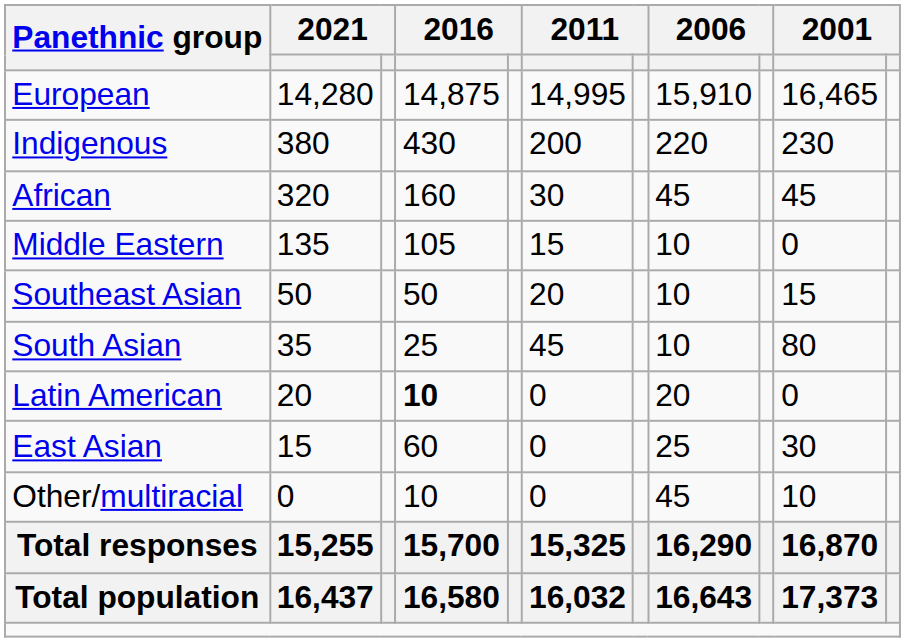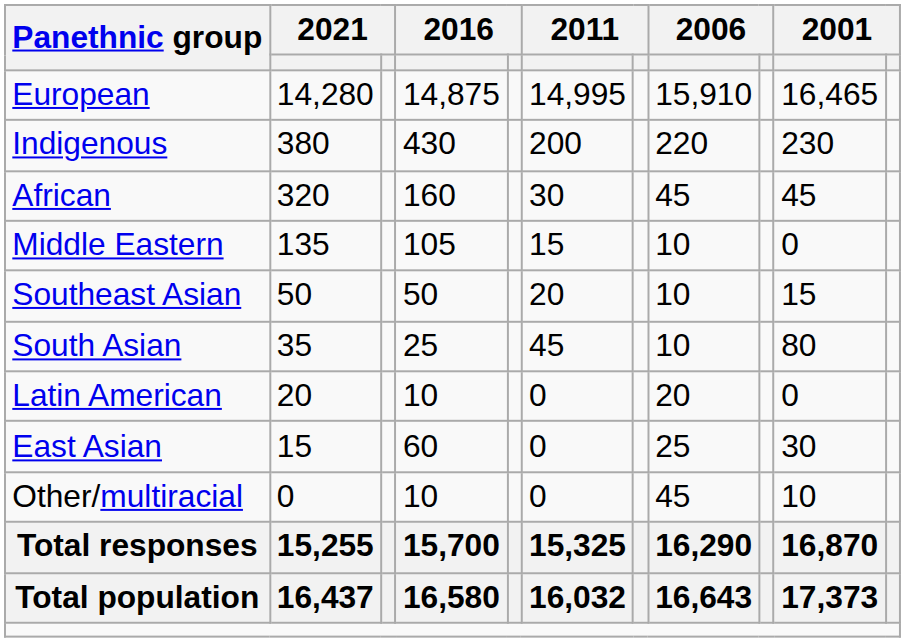 <table class="wikitable collapsible sortable">
 <tr>
 <th rowspan="2"><a href='#'>Panethnic</a> group</th>
 <th colspan="2">2021</th>
 <th colspan="2">2016</th>
 <th colspan="2">2011</th>
 <th colspan="2">2006</th>
 <th colspan="2">2001</th>
 </tr>
 <tr>
 <th><a href='#'></a></th>
 <th></th>
 <th></th>
 <th></th>
 <th></th>
 <th></th>
 <th></th>
 <th></th>
 <th></th>
 <th></th>
 </tr>
 <tr>
 <td><a href='#'>European</a></td>
 <td>14,280</td>
 <td></td>
 <td>14,875</td>
 <td></td>
 <td>14,995</td>
 <td></td>
 <td>15,910</td>
 <td></td>
 <td>16,465</td>
 <td></td>
 </tr>
 <tr>
 <td><a href='#'>Indigenous</a></td>
 <td>380</td>
 <td></td>
 <td>430</td>
 <td></td>
 <td>200</td>
 <td></td>
 <td>220</td>
 <td></td>
 <td>230</td>
 <td></td>
 </tr>
 <tr>
 <td><a href='#'>African</a></td>
 <td>320</td>
 <td></td>
 <td>160</td>
 <td></td>
 <td>30</td>
 <td></td>
 <td>45</td>
 <td></td>
 <td>45</td>
 <td></td>
 </tr>
 <tr>
 <td><a href='#'>Middle Eastern</a></td>
 <td>135</td>
 <td></td>
 <td>105</td>
 <td></td>
 <td>15</td>
 <td></td>
 <td>10</td>
 <td></td>
 <td>0</td>
 <td></td>
 </tr>
 <tr>
 <td><a href='#'>Southeast Asian</a></td>
 <td>50</td>
 <td></td>
 <td>50</td>
 <td></td>
 <td>20</td>
 <td></td>
 <td>10</td>
 <td></td>
 <td>15</td>
 <td></td>
 </tr>
 <tr>
 <td><a href='#'>South Asian</a></td>
 <td>35</td>
 <td></td>
 <td>25</td>
 <td></td>
 <td>45</td>
 <td></td>
 <td>10</td>
 <td></td>
 <td>80</td>
 <td></td>
 </tr>
 <tr>
 <td><a href='#'>Latin American</a></td>
 <td>20</td>
 <td></td>
-<td><strong>10</strong></td>
+<td>10</td>
 <td></td>
 <td>0</td>
 <td></td>
 <td>20</td>
 <td></td>
 <td>0</td>
 <td></td>
 </tr>
 <tr>
 <td><a href='#'>East Asian</a></td>
 <td>15</td>
 <td></td>
 <td>60</td>
 <td></td>
 <td>0</td>
 <td></td>
 <td>25</td>
 <td></td>
 <td>30</td>
 <td></td>
 </tr>
 <tr>
 <td>Other/<a href='#'>multiracial</a></td>
 <td>0</td>
 <td></td>
 <td>10</td>
 <td></td>
 <td>0</td>
 <td></td>
 <td>45</td>
 <td></td>
 <td>10</td>
 <td></td>
 </tr>
 <tr>
 <th>Total responses</th>
 <th>15,255</th>
 <th></th>
 <th>15,700</th>
 <th></th>
 <th>15,325</th>
 <th></th>
 <th>16,290</th>
 <th></th>
 <th>16,870</th>
 <th></th>
 </tr>
 <tr class="sortbottom">
 <th>Total population</th>
 <th>16,437</th>
 <th></th>
 <th>16,580</th>
 <th></th>
 <th>16,032</th>
 <th></th>
 <th>16,643</th>
 <th></th>
 <th>17,373</th>
 <th></th>
 </tr>
 <tr class="sortbottom">
 <td colspan="11"></td>
 </tr>
 </table>
